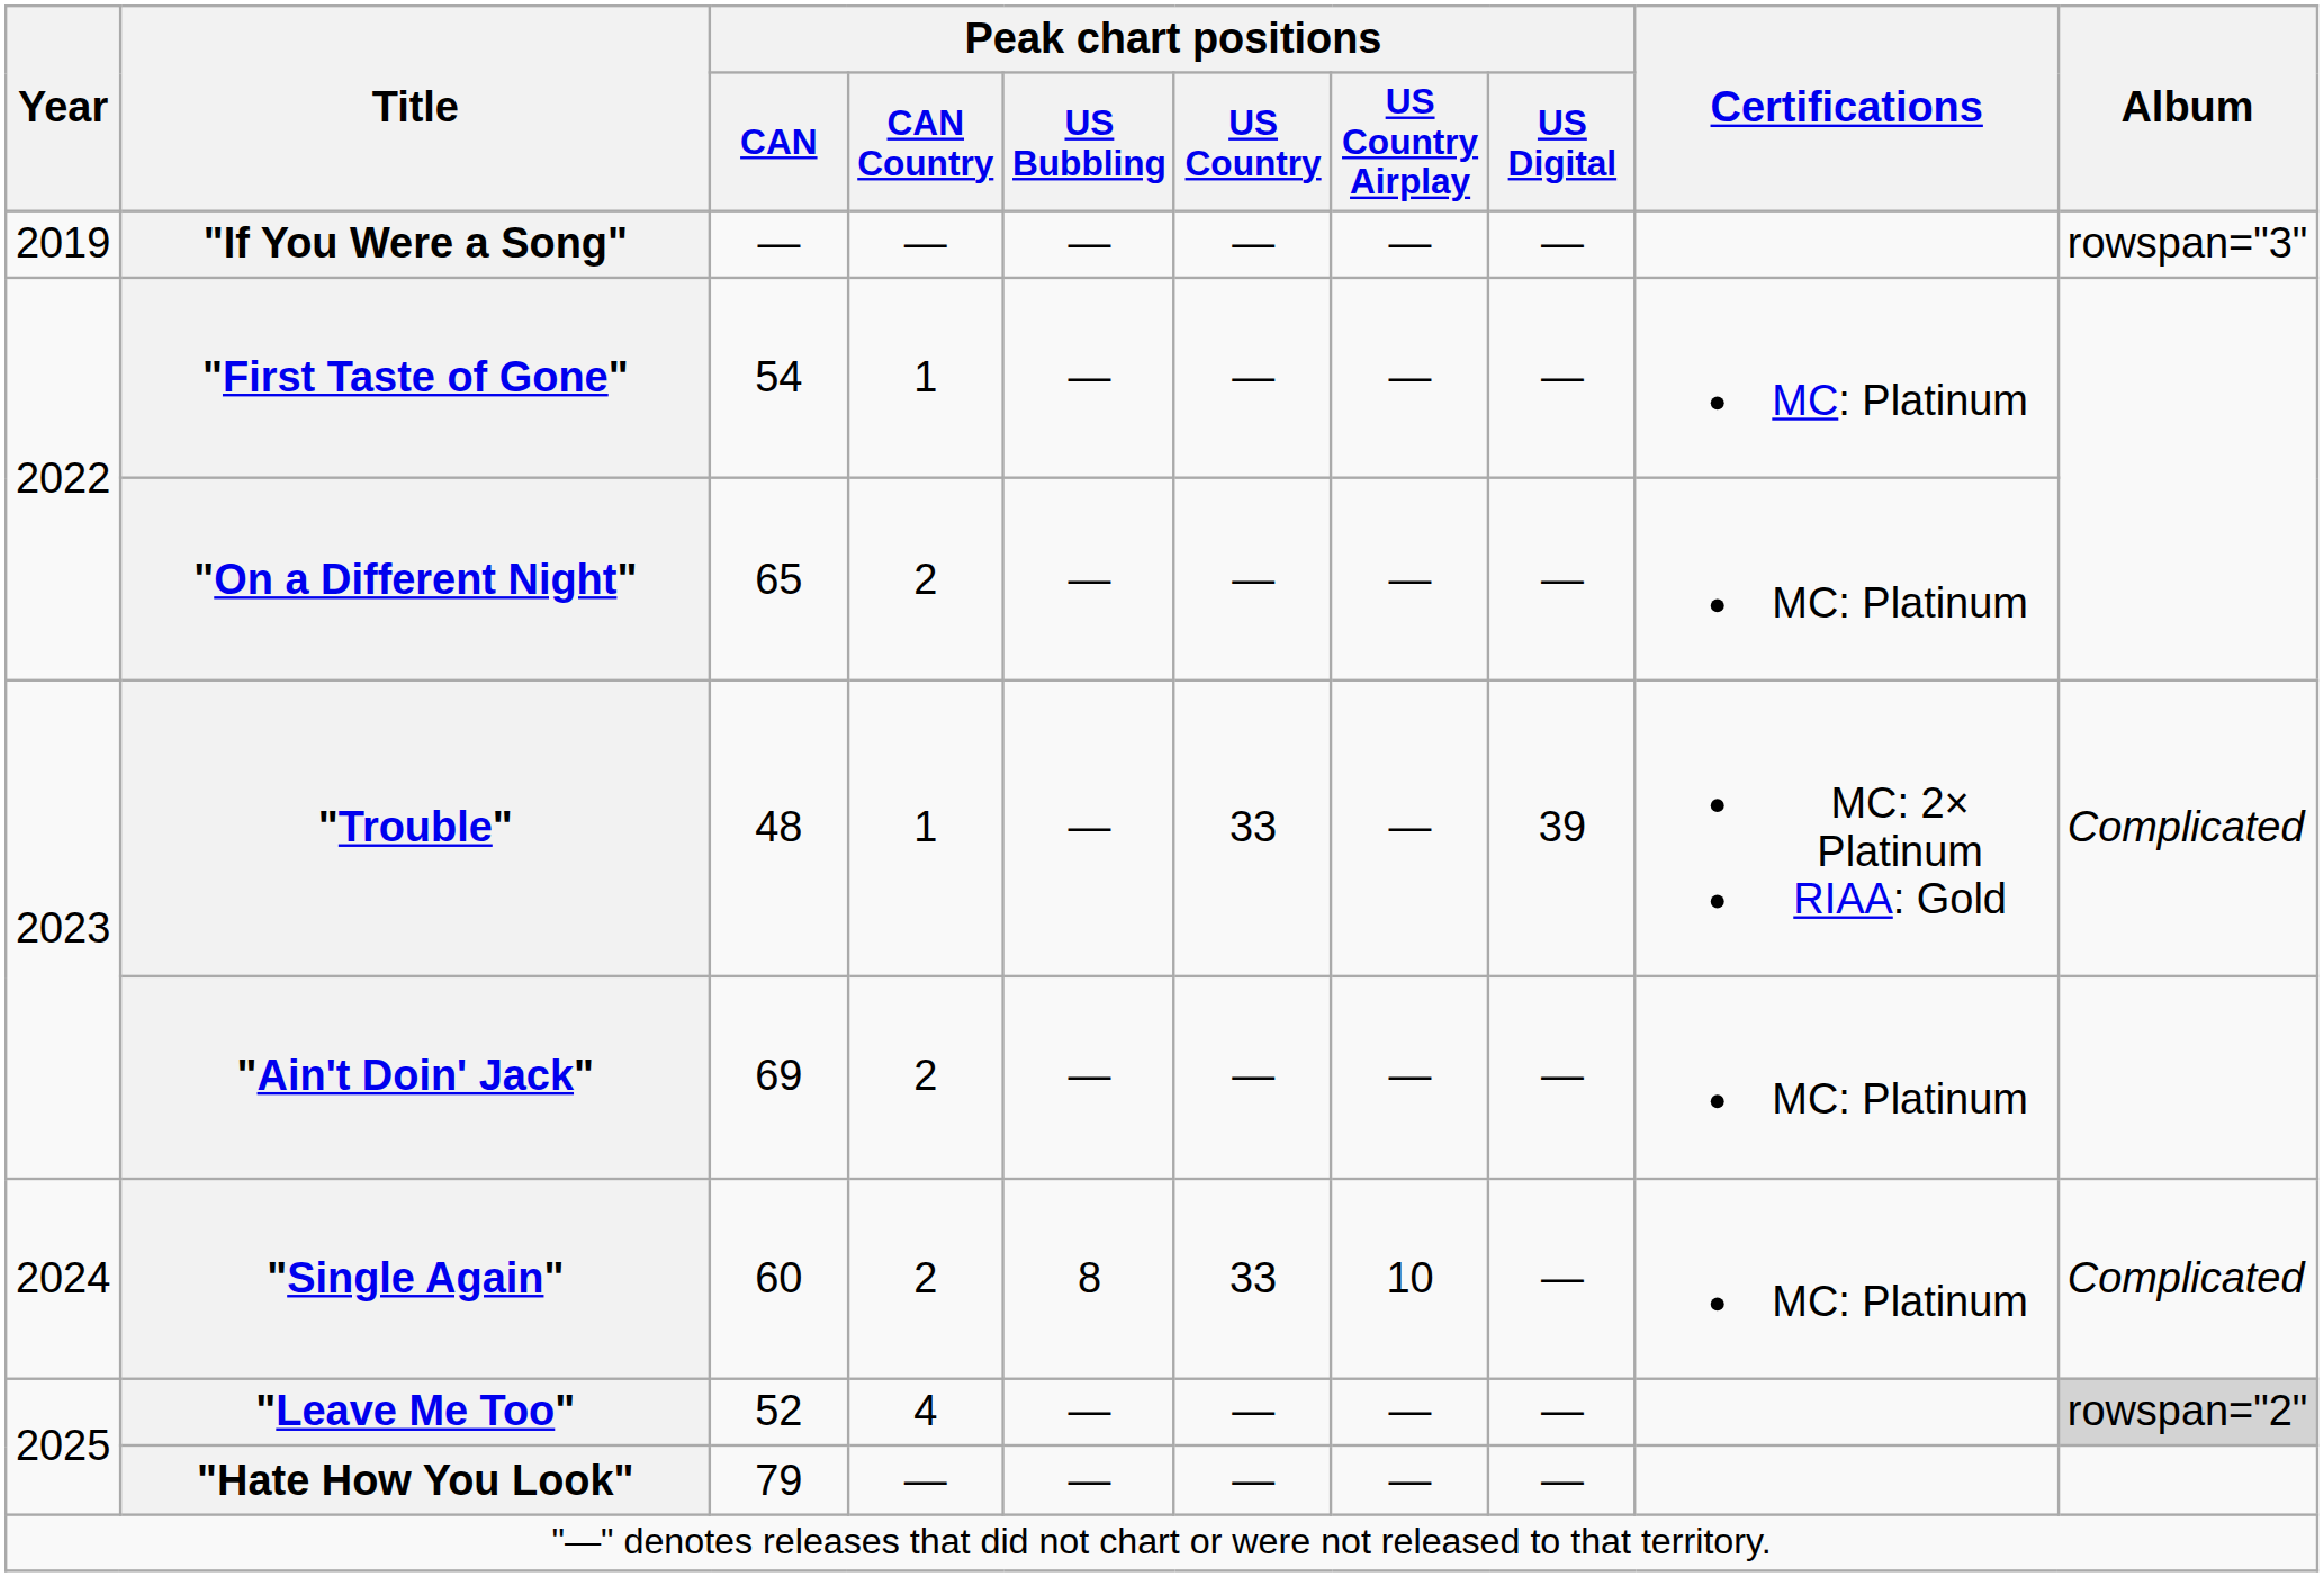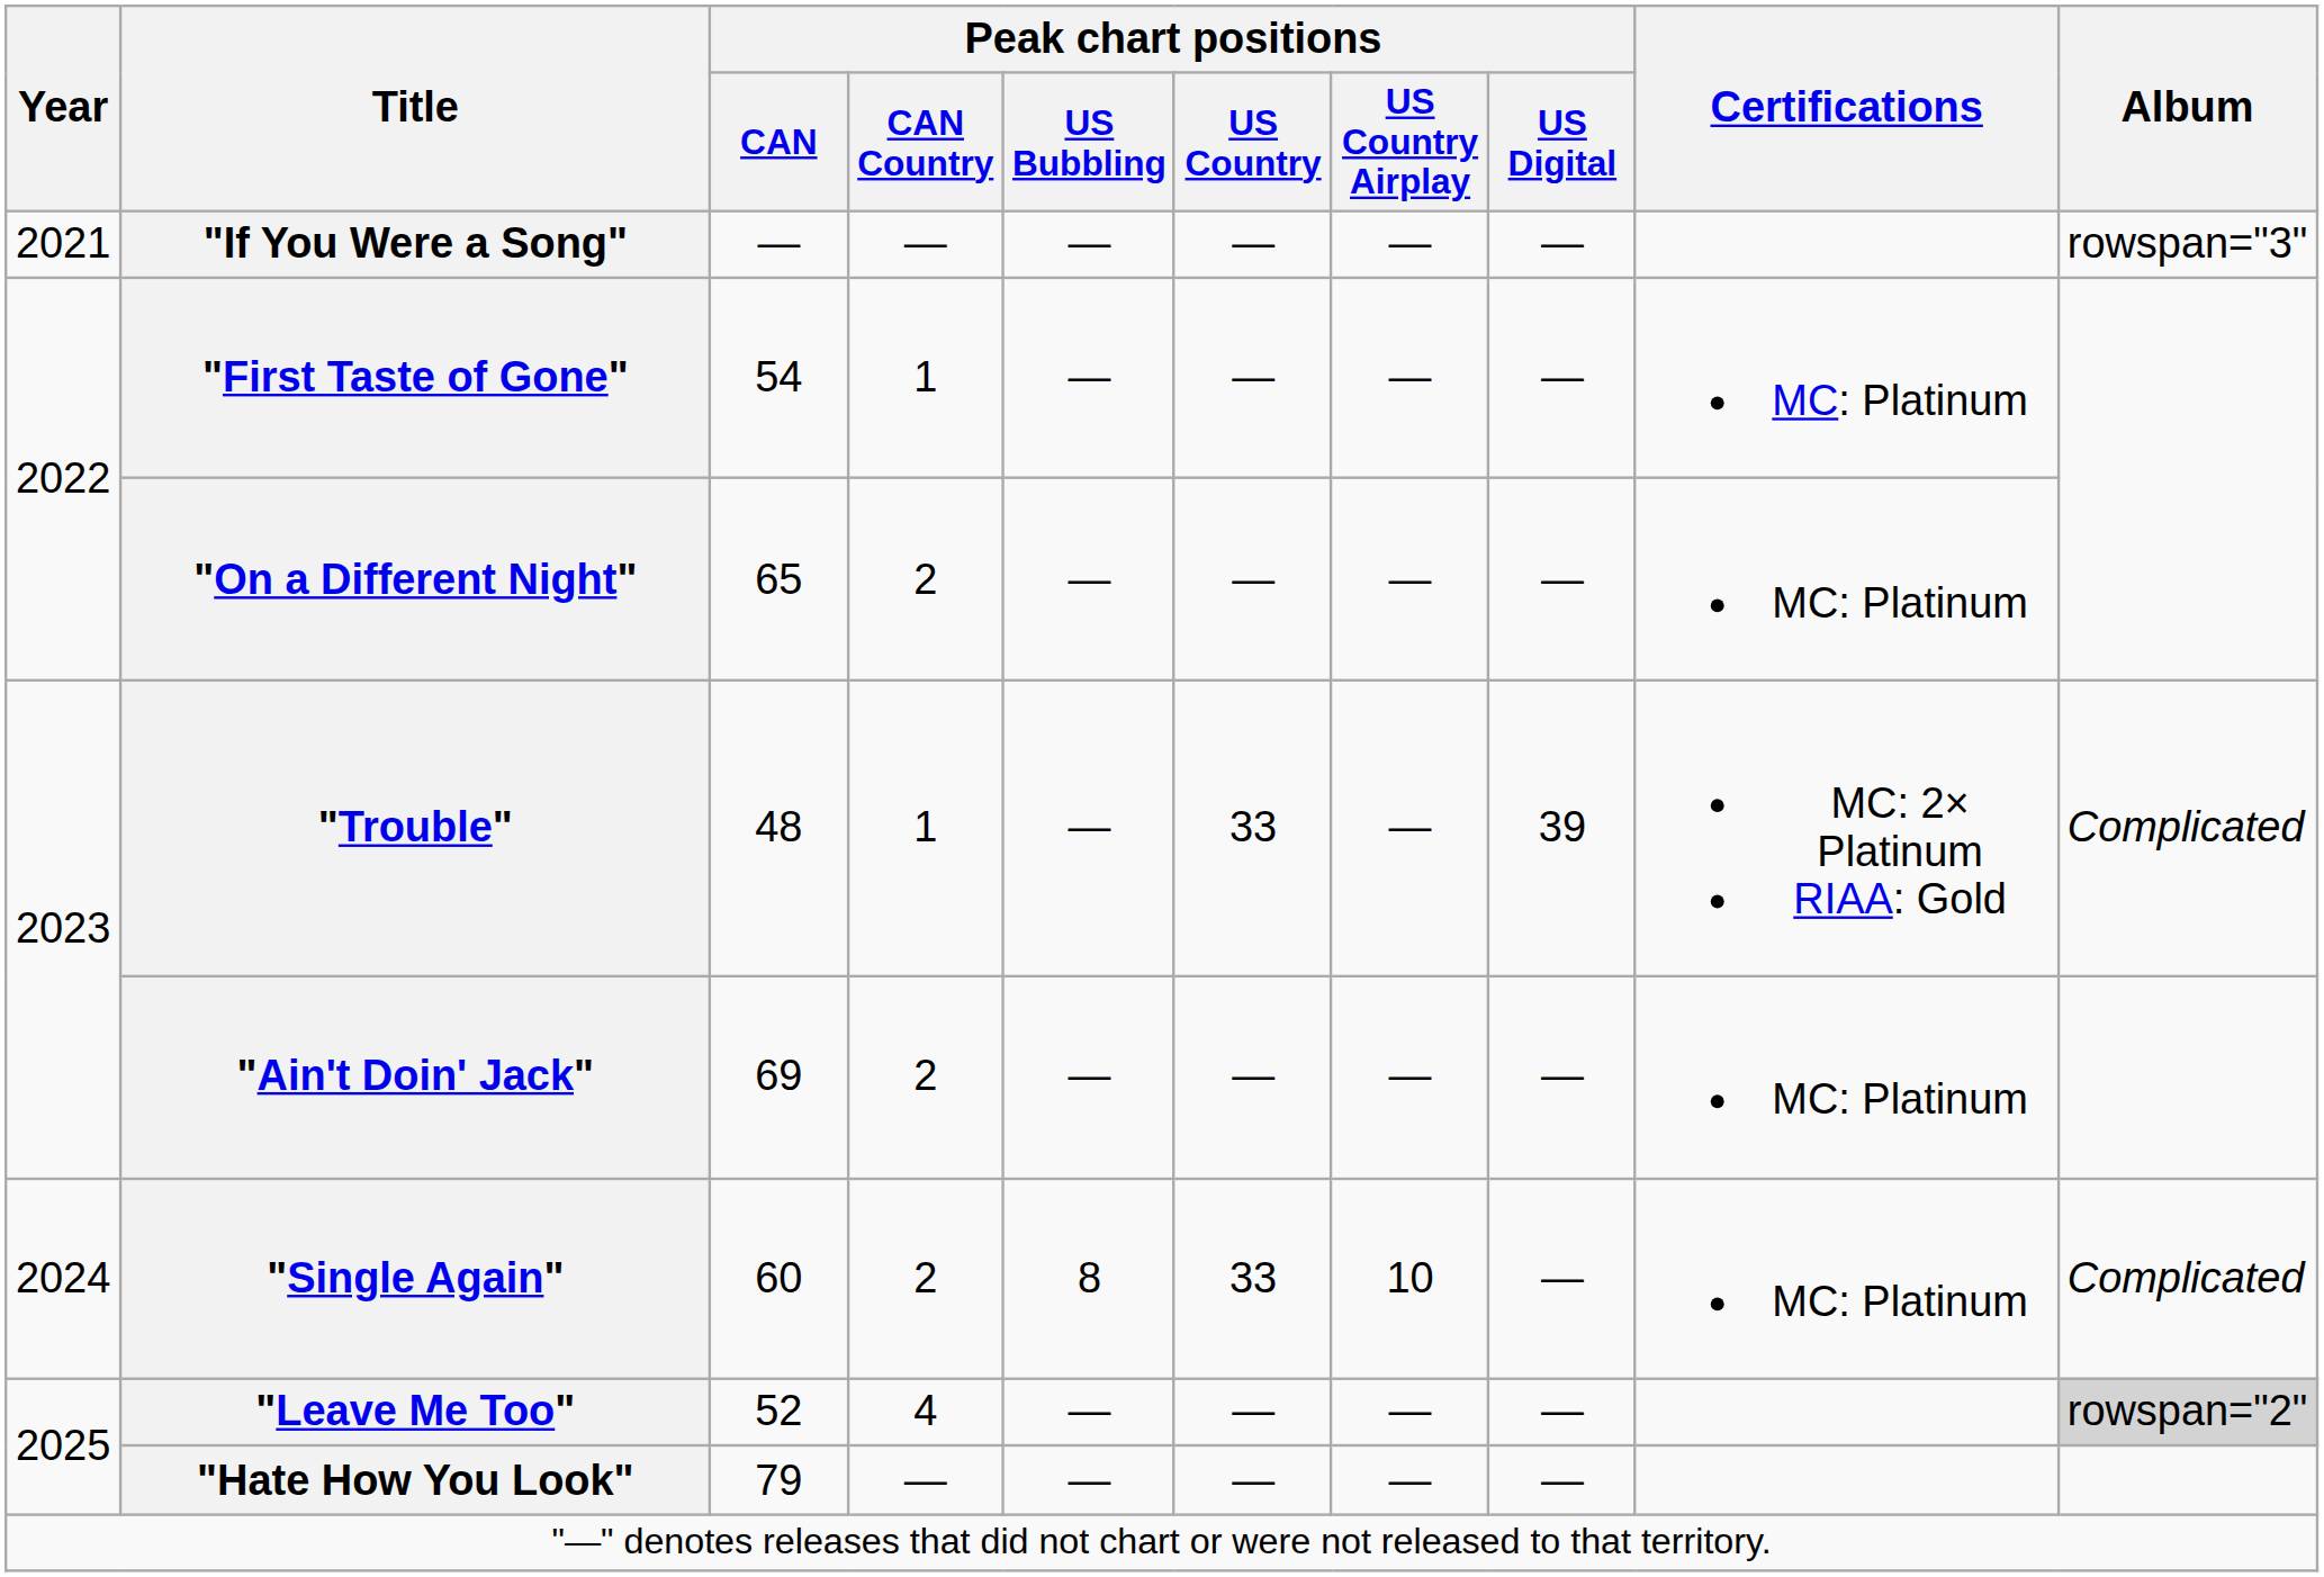 <table class="wikitable plainrowheaders" style="text-align:center;">
 <tr>
 <th scope="col" rowspan="2">Year</th>
 <th scope="col" rowspan="2" style="width:18em;">Title</th>
 <th scope="col" colspan="6">Peak chart positions</th>
 <th scope="col" rowspan="2" style="width:11em;"><a href='#'>Certifications</a></th>
 <th scope="col" rowspan="2">Album</th>
 </tr>
 <tr style="font-size:smaller;">
 <th scope="col" style="width:4em;"><a href='#'>CAN</a><br></th>
 <th scope="col" style="width:4em;"><a href='#'>CAN Country</a><br></th>
 <th scope="col" style="width:4em;"><a href='#'>US<br>Bubbling</a><br></th>
 <th scope="col" style="width:4em;"><a href='#'>US <br>Country</a><br></th>
 <th scope="col" style="width:4em;"><a href='#'>US <br>Country<br>Airplay</a><br></th>
 <th scope="col" style="width:4em;"><a href='#'>US <br>Digital</a><br></th>
 </tr>
 <tr>
-<td>2019</td>
+<td>2021</td>
 <th scope="row">"If You Were a Song"</th>
 <td>—</td>
 <td>—</td>
 <td>—</td>
 <td>—</td>
 <td>—</td>
 <td>—</td>
 <td></td>
 <td>rowspan="3" </td>
 </tr>
 <tr>
 <td rowspan="2">2022</td>
 <th scope="row">"<a href='#'>First Taste of Gone</a>"</th>
 <td>54</td>
 <td>1</td>
 <td>—</td>
 <td>—</td>
 <td>—</td>
 <td>—</td>
 <td><br><ul><li><a href='#'>MC</a>: Platinum</li></ul></td>
 </tr>
 <tr>
 <th scope="row">"<a href='#'>On a Different Night</a>"</th>
 <td>65</td>
 <td>2</td>
 <td>—</td>
 <td>—</td>
 <td>—</td>
 <td>—</td>
 <td><br><ul><li>MC: Platinum</li></ul></td>
 </tr>
 <tr>
 <td rowspan="2">2023</td>
 <th scope="row">"<a href='#'>Trouble</a>"</th>
 <td>48</td>
 <td>1</td>
 <td>—</td>
 <td>33</td>
 <td>—</td>
 <td>39</td>
 <td><br><ul><li>MC: 2× Platinum</li><li><a href='#'>RIAA</a>: Gold</li></ul></td>
 <td align="left"><em>Complicated</em></td>
 </tr>
 <tr>
 <th scope="row">"<a href='#'>Ain't Doin' Jack</a>"</th>
 <td>69</td>
 <td>2</td>
 <td>—</td>
 <td>—</td>
 <td>—</td>
 <td>—</td>
 <td><br><ul><li>MC: Platinum</li></ul></td>
 <td></td>
 </tr>
 <tr>
 <td>2024</td>
 <th scope="row">"<a href='#'>Single Again</a>"</th>
 <td>60</td>
 <td>2</td>
 <td>8</td>
 <td>33</td>
 <td>10</td>
 <td>—</td>
 <td><br><ul><li>MC: Platinum</li></ul></td>
 <td align="left"><em>Complicated</em></td>
 </tr>
 <tr>
 <td rowspan="2">2025</td>
 <th scope="row">"<a href='#'>Leave Me Too</a>"</th>
 <td>52</td>
 <td>4</td>
 <td>—</td>
 <td>—</td>
 <td>—</td>
 <td>—</td>
 <td></td>
 <td style="background: lightgrey;">rowspan="2" </td>
 </tr>
 <tr>
 <th scope="row">"Hate How You Look"</th>
 <td>79</td>
 <td>—</td>
 <td>—</td>
 <td>—</td>
 <td>—</td>
 <td>—</td>
 <td></td>
 </tr>
 <tr>
 <td colspan="10" style="font-size:85%">"—" denotes releases that did not chart or were not released to that territory.</td>
 </tr>
 </table>
